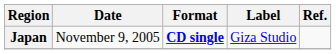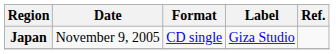 <table class="wikitable sortable plainrowheaders">
 <tr>
 <th scope="col">Region</th>
 <th scope="col">Date</th>
 <th scope="col">Format</th>
 <th scope="col">Label</th>
 <th scope="col">Ref.</th>
 </tr>
 <tr>
 <th rowspan="1">Japan</th>
 <td rowspan="1">November 9, 2005</td>
-<td><strong><a href='#'>CD single</a></strong></td>
+<td><a href='#'>CD single</a></td>
 <td rowspan="1"><a href='#'>Giza Studio</a></td>
 <td></td>
 </tr>
 <tr>
 </tr>
 </table>
